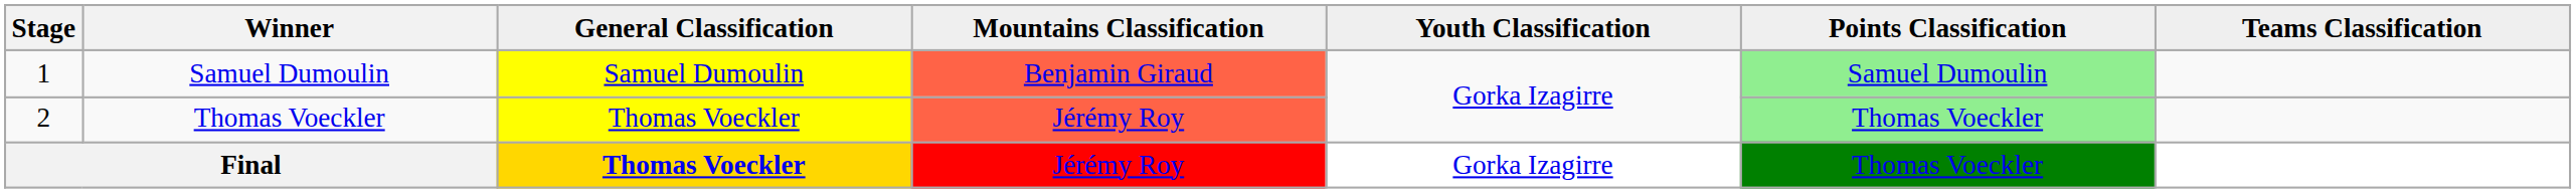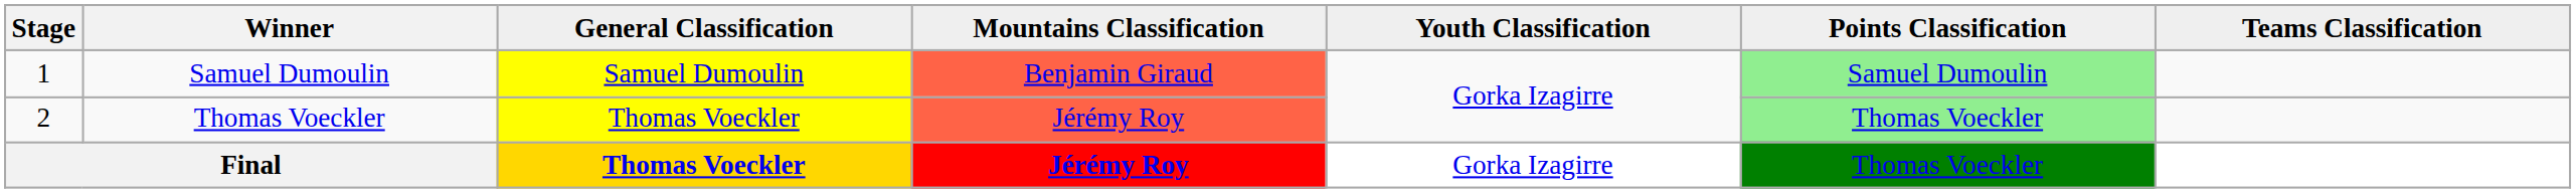 <table class="wikitable" style="text-align: center; font-size:smaller;">
 <tr style="background-color: #efefef;">
 <th width="1%">Stage</th>
 <th width="16%">Winner</th>
 <th style="background:#EFEFEF;" width="16%">General Classification<br></th>
 <th style="background:#EFEFEF;" width="16%">Mountains Classification<br></th>
 <th style="background:#EFEFEF"  width="16%">Youth Classification<br></th>
 <th style="background:#EFEFEF"  width="16%">Points Classification<br></th>
 <th style="background:#EFEFEF;" width="16%">Teams Classification</th>
 </tr>
 <tr>
 <td>1</td>
 <td><a href='#'>Samuel Dumoulin</a></td>
 <td style="background:yellow;" rowspan="1"><a href='#'>Samuel Dumoulin</a></td>
 <td style="background:tomato;" rowspan="1"><a href='#'>Benjamin Giraud</a></td>
 <td rowspan="2"><a href='#'>Gorka Izagirre</a></td>
 <td style="background:lightgreen;" rowspan="1"><a href='#'>Samuel Dumoulin</a></td>
 <td rowspan="1"></td>
 </tr>
 <tr>
 <td>2</td>
 <td><a href='#'>Thomas Voeckler</a></td>
 <td style="background:yellow;" rowspan="1"><a href='#'>Thomas Voeckler</a></td>
 <td style="background:tomato;" rowspan="1"><a href='#'>Jérémy Roy</a></td>
 <td style="background:lightgreen;" rowspan="1"><a href='#'>Thomas Voeckler</a></td>
 <td rowspan="1"></td>
 </tr>
 <tr>
 <th colspan=2><strong>Final</strong></th>
 <td style="background:gold;" rowspan="1"><strong><a href='#'>Thomas Voeckler</a></strong></td>
-<td style="background:red;" rowspan="1"><a href='#'>Jérémy Roy</a></td>
+<td style="background:red;" rowspan="1"><strong><a href='#'>Jérémy Roy</a></strong></td>
 <td style="background:white;" rowspan="1"><a href='#'>Gorka Izagirre</a></td>
 <td style="background:green;" rowspan="1"><a href='#'>Thomas Voeckler</a></td>
 <td style="background:white;" rowspan="1"></td>
 </tr>
 </table>
